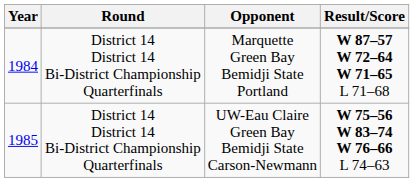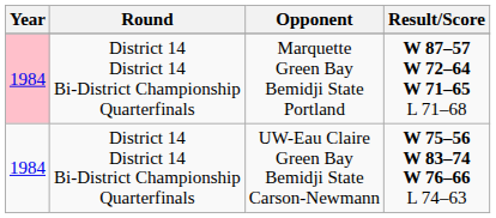 <table class="wikitable" style="text-align:center;">
 <tr>
 <th>Year</th>
 <th>Round</th>
 <th>Opponent</th>
 <th>Result/Score</th>
 </tr>
 <tr>
 </tr>
 <tr align="center">
-<td><a href='#'>1984</a></td>
+<td style="background: pink;"><a href='#'>1984</a></td>
 <td>District 14<br>District 14<br>Bi-District Championship<br>Quarterfinals</td>
 <td>Marquette<br>Green Bay<br>Bemidji State<br>Portland</td>
 <td><strong>W 87–57<br>W 72–64<br>W 71–65</strong><br>L 71–68</td>
 </tr>
 <tr align="center">
-<td><a href='#'>1985</a></td>
+<td><a href='#'>1984</a></td>
 <td>District 14<br>District 14<br>Bi-District Championship<br>Quarterfinals</td>
 <td>UW-Eau Claire<br>Green Bay<br>Bemidji State<br>Carson-Newmann</td>
 <td><strong>W 75–56<br>W 83–74<br>W 76–66</strong><br>L 74–63</td>
 </tr>
 </table>
